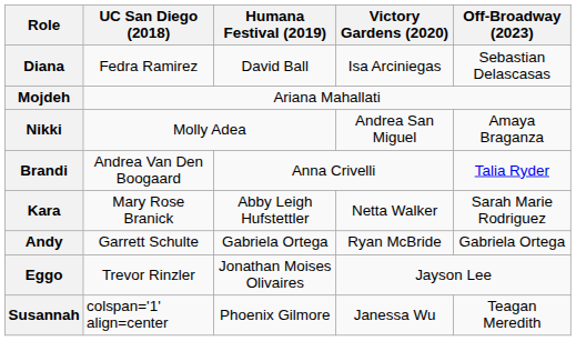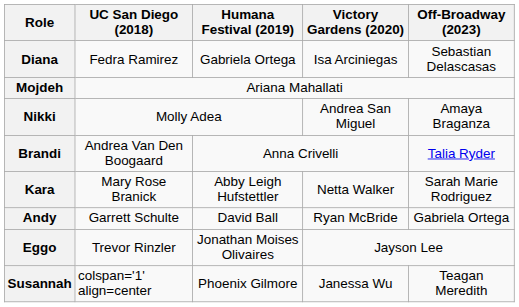 <table class="wikitable">
 <tr>
 <th>Role</th>
 <th>UC San Diego (2018)</th>
 <th>Humana Festival (2019)</th>
 <th>Victory Gardens (2020)</th>
 <th>Off-Broadway (2023)</th>
 </tr>
 <tr>
 <th>Diana</th>
 <td colspan='1' align=center>Fedra Ramirez</td>
-<td colspan='1' align=center>David Ball</td>
+<td colspan='1' align=center>Gabriela Ortega</td>
 <td colspan='1' align=center>Isa Arciniegas</td>
 <td colspan='1' align=center>Sebastian Delascasas</td>
 </tr>
 <tr>
 <th>Mojdeh</th>
 <td colspan='4' align=center>Ariana Mahallati</td>
 </tr>
 <tr>
 <th>Nikki</th>
 <td colspan='2' align=center>Molly Adea</td>
 <td colspan='1' align=center>Andrea San Miguel</td>
 <td colspan='1' align=center>Amaya Braganza</td>
 </tr>
 <tr>
 <th>Brandi</th>
 <td colspan='1' align=center>Andrea Van Den Boogaard</td>
 <td colspan='2' align=center>Anna Crivelli</td>
 <td colspan='1' align=center><a href='#'>Talia Ryder</a></td>
 </tr>
 <tr>
 <th>Kara</th>
 <td colspan='1' align=center>Mary Rose Branick</td>
 <td colspan='1' align=center>Abby Leigh Hufstettler</td>
 <td colspan='1' align=center>Netta Walker</td>
 <td colspan='1' align=center>Sarah Marie Rodriguez</td>
 </tr>
 <tr>
 <th>Andy</th>
 <td colspan='1' align=center>Garrett Schulte</td>
-<td colspan='1' align=center>Gabriela Ortega</td>
+<td colspan='1' align=center>David Ball</td>
 <td colspan='1' align=center>Ryan McBride</td>
 <td colspan='1' align=center>Gabriela Ortega</td>
 </tr>
 <tr>
 <th>Eggo</th>
 <td colspan='1' align=center>Trevor Rinzler</td>
 <td colspan='1' align=center>Jonathan Moises Olivaires</td>
 <td colspan='2' align=center>Jayson Lee</td>
 </tr>
 <tr>
 <th>Susannah</th>
 <td>colspan='1' align=center </td>
 <td colspan='1' align=center>Phoenix Gilmore</td>
 <td colspan='1' align=center>Janessa Wu</td>
 <td colspan='1' align=center>Teagan Meredith</td>
 </tr>
 </table>
